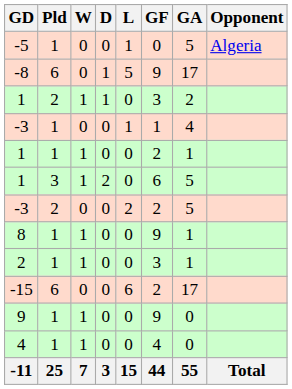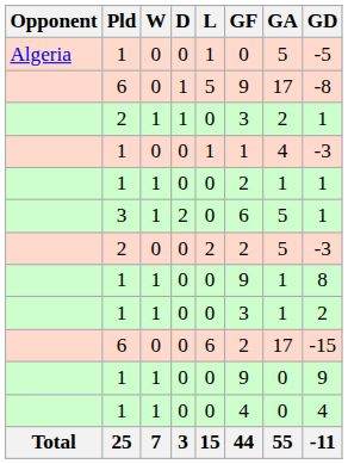 <table class="wikitable" style="text-align: center;">
 <tr>
-<th>GD</th>
+<th>Opponent</th>
 <th>Pld</th>
 <th>W</th>
 <th>D</th>
 <th>L</th>
 <th>GF</th>
 <th>GA</th>
-<th>Opponent</th>
+<th>GD</th>
 </tr>
 <tr bgcolor=#FFDACC>
-<td>-5</td>
+<td align="left"> <a href='#'>Algeria</a></td>
 <td>1</td>
 <td>0</td>
 <td>0</td>
 <td>1</td>
 <td>0</td>
 <td>5</td>
-<td align="left"> <a href='#'>Algeria</a></td>
+<td>-5</td>
 </tr>
 <tr bgcolor=#FFDACC>
-<td>-8</td>
+<td align="left"></td>
 <td>6</td>
 <td>0</td>
 <td>1</td>
 <td>5</td>
 <td>9</td>
 <td>17</td>
-<td align="left"></td>
+<td>-8</td>
 </tr>
 <tr bgcolor=#CCFFCC>
-<td>1</td>
+<td align="left"></td>
 <td>2</td>
 <td>1</td>
 <td>1</td>
 <td>0</td>
 <td>3</td>
 <td>2</td>
-<td align="left"></td>
+<td>1</td>
 </tr>
 <tr bgcolor=#FFDACC>
-<td>-3</td>
+<td align="left"></td>
 <td>1</td>
 <td>0</td>
 <td>0</td>
 <td>1</td>
 <td>1</td>
 <td>4</td>
-<td align="left"></td>
+<td>-3</td>
 </tr>
 <tr bgcolor=#CCFFCC>
-<td>1</td>
+<td align="left"></td>
 <td>1</td>
 <td>1</td>
 <td>0</td>
 <td>0</td>
 <td>2</td>
 <td>1</td>
-<td align="left"></td>
+<td>1</td>
 </tr>
 <tr bgcolor=#CCFFCC>
-<td>1</td>
+<td align="left"></td>
 <td>3</td>
 <td>1</td>
 <td>2</td>
 <td>0</td>
 <td>6</td>
 <td>5</td>
-<td align="left"></td>
+<td>1</td>
 </tr>
 <tr bgcolor=#FFDACC>
-<td>-3</td>
+<td align="left"></td>
 <td>2</td>
 <td>0</td>
 <td>0</td>
 <td>2</td>
 <td>2</td>
 <td>5</td>
-<td align="left"></td>
+<td>-3</td>
 </tr>
 <tr bgcolor=#CCFFCC>
-<td>8</td>
+<td align="left"></td>
 <td>1</td>
 <td>1</td>
 <td>0</td>
 <td>0</td>
 <td>9</td>
 <td>1</td>
-<td align="left"></td>
+<td>8</td>
 </tr>
 <tr bgcolor=#CCFFCC>
-<td>2</td>
+<td align="left"></td>
 <td>1</td>
 <td>1</td>
 <td>0</td>
 <td>0</td>
 <td>3</td>
 <td>1</td>
-<td align="left"></td>
+<td>2</td>
 </tr>
 <tr bgcolor=#FFDACC>
-<td>-15</td>
+<td align="left"></td>
 <td>6</td>
 <td>0</td>
 <td>0</td>
 <td>6</td>
 <td>2</td>
 <td>17</td>
-<td align="left"></td>
+<td>-15</td>
 </tr>
 <tr bgcolor=#CCFFCC>
-<td>9</td>
+<td align="left"></td>
 <td>1</td>
 <td>1</td>
 <td>0</td>
 <td>0</td>
 <td>9</td>
 <td>0</td>
-<td align="left"></td>
+<td>9</td>
 </tr>
 <tr bgcolor=#CCFFCC>
-<td>4</td>
+<td align="left"></td>
 <td>1</td>
 <td>1</td>
 <td>0</td>
 <td>0</td>
 <td>4</td>
 <td>0</td>
-<td align="left"></td>
+<td>4</td>
 </tr>
 <tr>
-<th>-11</th>
+<th>Total</th>
 <th>25</th>
 <th>7</th>
 <th>3</th>
 <th>15</th>
 <th>44</th>
 <th>55</th>
-<th>Total</th>
+<th>-11</th>
 </tr>
 </table>
